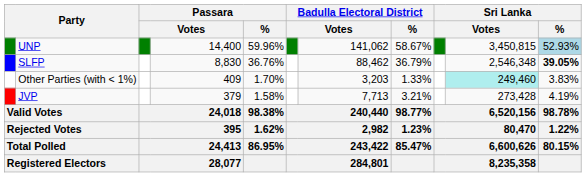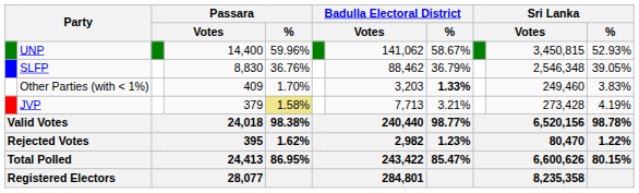 <table class="wikitable">
 <tr>
 <th colspan="2" width="144px"rowspan="2">Party</th>
 <th colspan="3" width="216px">Passara</th>
 <th colspan="3" width="216px"><a href='#'>Badulla Electoral District</a></th>
 <th colspan="3" width="216px">Sri Lanka</th>
 </tr>
 <tr>
 <th colspan="2" width="144px">Votes</th>
 <th>%</th>
 <th colspan="2" width="144px">Votes</th>
 <th>%</th>
 <th colspan="2" width="144px">Votes</th>
 <th>%</th>
 </tr>
 <tr>
 <td style="background-color:green;" width="10px"></td>
 <td style="text-align:left;"><a href='#'>UNP</a></td>
 <td style="background-color:green;" width="10px"></td>
 <td style="text-align:right;">14,400</td>
 <td style="text-align:right;">59.96%</td>
 <td style="background-color:green;" width="10px"></td>
 <td style="text-align:right;">141,062</td>
 <td style="text-align:right;">58.67%</td>
 <td style="background-color:green;" width="10px"></td>
 <td style="text-align:right;">3,450,815</td>
-<td style="background: lightblue; text-align:right;">52.93%</td>
+<td style="text-align:right;">52.93%</td>
 </tr>
 <tr>
 <td style="background-color:blue;" width="10px"></td>
 <td style="text-align:left;"><a href='#'>SLFP</a></td>
 <td style="background-color:white;" width="10px"></td>
 <td style="text-align:right;">8,830</td>
 <td style="text-align:right;">36.76%</td>
 <td style="background-color:white;" width="10px"></td>
 <td style="text-align:right;">88,462</td>
 <td style="text-align:right;">36.79%</td>
 <td style="background-color:white;" width="10px"></td>
 <td style="text-align:right;">2,546,348</td>
-<td style="text-align:right;"><strong>39.05%</strong></td>
+<td style="text-align:right;">39.05%</td>
 </tr>
 <tr>
 <td style="background-color:white;" width="10px"></td>
 <td style="text-align:left;">Other Parties (with < 1%)</td>
 <td style="background-color:white;" width="10px"></td>
 <td style="text-align:right;">409</td>
 <td style="text-align:right;">1.70%</td>
 <td style="background-color:white;" width="10px"></td>
 <td style="text-align:right;">3,203</td>
-<td style="text-align:right;">1.33%</td>
+<td style="text-align:right;"><strong>1.33%</strong></td>
 <td style="background-color:white;" width="10px"></td>
-<td style="background: paleturquoise; text-align:right;">249,460</td>
+<td style="text-align:right;">249,460</td>
 <td style="text-align:right;">3.83%</td>
 </tr>
 <tr>
 <td style="background-color:red;" width="10px"></td>
 <td style="text-align:left;"><a href='#'>JVP</a></td>
 <td style="background-color:white;" width="10px"></td>
 <td style="text-align:right;">379</td>
-<td style="text-align:right;">1.58%</td>
+<td style="background: khaki; text-align:right;">1.58%</td>
 <td style="background-color:white;" width="10px"></td>
 <td style="text-align:right;">7,713</td>
 <td style="text-align:right;">3.21%</td>
 <td style="background-color:white;" width="10px"></td>
 <td style="text-align:right;">273,428</td>
 <td style="text-align:right;">4.19%</td>
 </tr>
 <tr>
 <th colspan="2" width="144px"style="text-align:left;">Valid Votes</th>
 <th style="text-align:right;"colspan="2" width="144px">24,018</th>
 <th style="text-align:right;">98.38%</th>
 <th style="text-align:right;"colspan="2" width="144px">240,440</th>
 <th style="text-align:right;">98.77%</th>
 <th style="text-align:right;"colspan="2" width="144px">6,520,156</th>
 <th style="text-align:right;">98.78%</th>
 </tr>
 <tr>
 <th colspan="2" width="144px"style="text-align:left;">Rejected Votes</th>
 <th style="text-align:right;"colspan="2" width="144px">395</th>
 <th style="text-align:right;">1.62%</th>
 <th style="text-align:right;"colspan="2" width="144px">2,982</th>
 <th style="text-align:right;">1.23%</th>
 <th style="text-align:right;"colspan="2" width="144px">80,470</th>
 <th style="text-align:right;">1.22%</th>
 </tr>
 <tr>
 <th colspan="2" width="144px"style="text-align:left;">Total Polled</th>
 <th style="text-align:right;"colspan="2" width="144px">24,413</th>
 <th style="text-align:right;">86.95%</th>
 <th style="text-align:right;"colspan="2" width="144px">243,422</th>
 <th style="text-align:right;">85.47%</th>
 <th style="text-align:right;"colspan="2" width="144px">6,600,626</th>
 <th style="text-align:right;">80.15%</th>
 </tr>
 <tr>
 <th colspan="2" width="144px"style="text-align:left;">Registered Electors</th>
 <th style="text-align:right;"colspan="2" width="144px">28,077</th>
 <th></th>
 <th style="text-align:right;"colspan="2" width="144px">284,801</th>
 <th></th>
 <th style="text-align:right;"colspan="2" width="144px">8,235,358</th>
 <th></th>
 </tr>
 </table>
